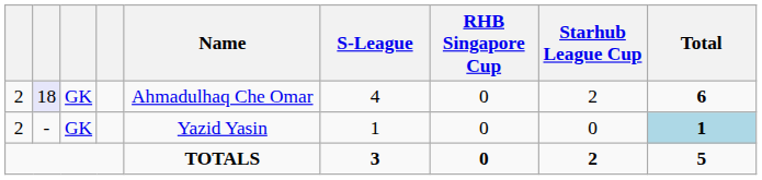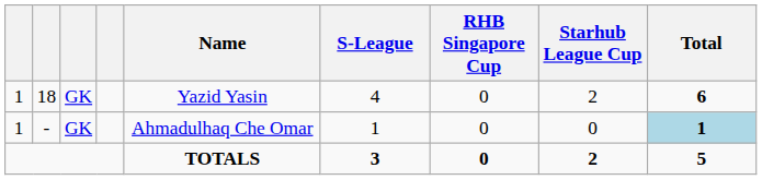 <table class="wikitable" style="font-size: 95%; text-align: center;">
 <tr>
 <th width=15></th>
 <th width=15></th>
 <th width=15></th>
 <th width=15></th>
 <th width=150>Name</th>
 <th width=80><a href='#'>S-League</a></th>
 <th width=80><a href='#'>RHB Singapore Cup</a></th>
 <th width=80><a href='#'>Starhub League Cup</a></th>
 <th width=80>Total</th>
 </tr>
 <tr>
-<td rowspan="1">2</td>
-<td style="background: lavender;">18</td>
+<td rowspan="1">1</td>
+<td>18</td>
 <td><a href='#'>GK</a></td>
 <td></td>
-<td><a href='#'>Ahmadulhaq Che Omar</a></td>
+<td><a href='#'>Yazid Yasin</a></td>
 <td>4</td>
 <td>0</td>
 <td>2</td>
 <td><strong>6</strong></td>
 </tr>
 <tr>
-<td rowspan="1">2</td>
+<td rowspan="1">1</td>
 <td>-</td>
 <td><a href='#'>GK</a></td>
 <td></td>
-<td><a href='#'>Yazid Yasin</a></td>
+<td><a href='#'>Ahmadulhaq Che Omar</a></td>
 <td>1</td>
 <td>0</td>
 <td>0</td>
 <td style="background: lightblue;"><strong>1</strong></td>
 </tr>
 <tr>
 <td colspan="4"></td>
 <td><strong>TOTALS</strong></td>
 <td><strong>3</strong></td>
 <td><strong>0</strong></td>
 <td><strong>2</strong></td>
 <td><strong>5</strong></td>
 </tr>
 </table>
